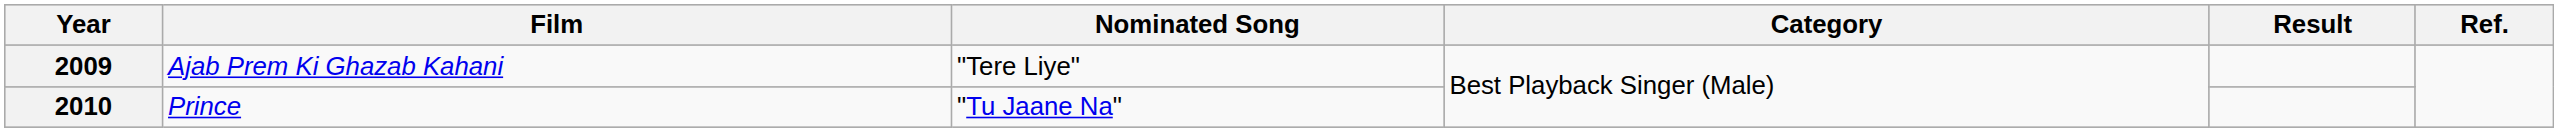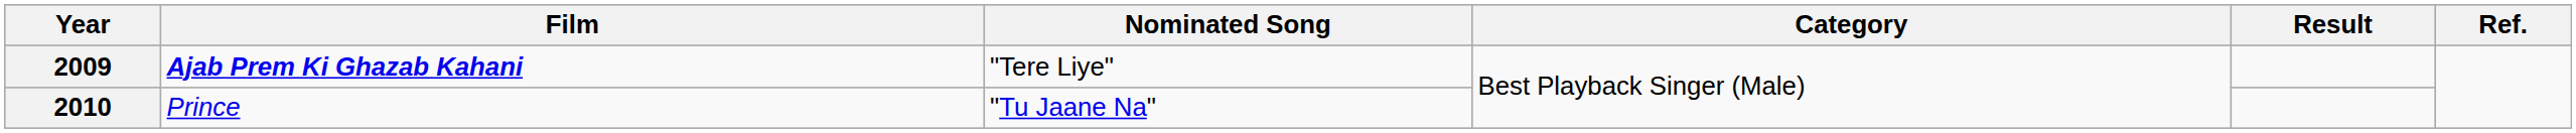 <table class="wikitable plainrowheaders" width="100%" "textcolor:#000;">
 <tr>
 <th>Year</th>
 <th>Film</th>
 <th>Nominated Song</th>
 <th>Category</th>
 <th>Result</th>
 <th>Ref.</th>
 </tr>
 <tr>
 <th>2009</th>
-<td><em><a href='#'>Ajab Prem Ki Ghazab Kahani</a></em></td>
+<td><strong><em><a href='#'>Ajab Prem Ki Ghazab Kahani</a></em></strong></td>
 <td>"Tere Liye"</td>
 <td rowspan="2">Best Playback Singer (Male)</td>
 <td></td>
 <td rowspan="2"></td>
 </tr>
 <tr>
 <th>2010</th>
 <td><em><a href='#'>Prince</a></em></td>
 <td>"<a href='#'>Tu Jaane Na</a>"</td>
 <td></td>
 </tr>
 </table>
